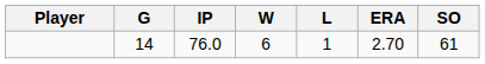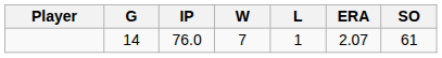 <table class="wikitable sortable">
 <tr>
 <th bgcolor="#DDDDFF" width="16%">Player</th>
 <th bgcolor="#DDDDFF" width="9%">G</th>
 <th bgcolor="#DDDDFF" width="9%">IP</th>
 <th bgcolor="#DDDDFF" width="9%">W</th>
 <th bgcolor="#DDDDFF" width="9%">L</th>
 <th bgcolor="#DDDDFF" width="9%">ERA</th>
 <th bgcolor="#DDDDFF" width="9%">SO</th>
 </tr>
 <tr align="center">
 <td></td>
 <td>14</td>
 <td>76.0</td>
-<td>6</td>
+<td>7</td>
 <td>1</td>
-<td>2.70</td>
+<td>2.07</td>
 <td>61</td>
 </tr>
 </table>
